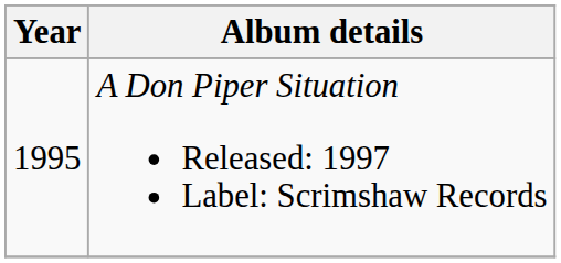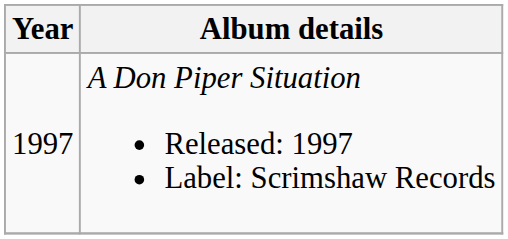 <table class="wikitable">
 <tr>
 <th>Year</th>
 <th>Album details</th>
 </tr>
 <tr>
-<td>1995</td>
+<td>1997</td>
 <td><em>A Don Piper Situation</em><br><ul><li>Released: 1997</li><li>Label: Scrimshaw Records</li></ul></td>
 </tr>
 <tr>
 </tr>
 </table>
